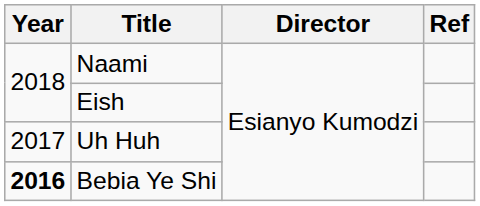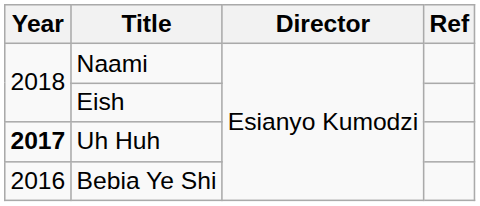 <table class="wikitable">
 <tr>
 <th>Year</th>
 <th>Title</th>
 <th>Director</th>
 <th>Ref</th>
 </tr>
 <tr>
 <td rowspan="2">2018</td>
 <td>Naami</td>
 <td rowspan="4">Esianyo Kumodzi</td>
 <td></td>
 </tr>
 <tr>
 <td>Eish</td>
 <td></td>
 </tr>
 <tr>
-<td>2017</td>
+<td><strong>2017</strong></td>
 <td>Uh Huh</td>
 <td></td>
 </tr>
 <tr>
-<td><strong>2016</strong></td>
+<td>2016</td>
 <td>Bebia Ye Shi</td>
 <td></td>
 </tr>
 </table>
